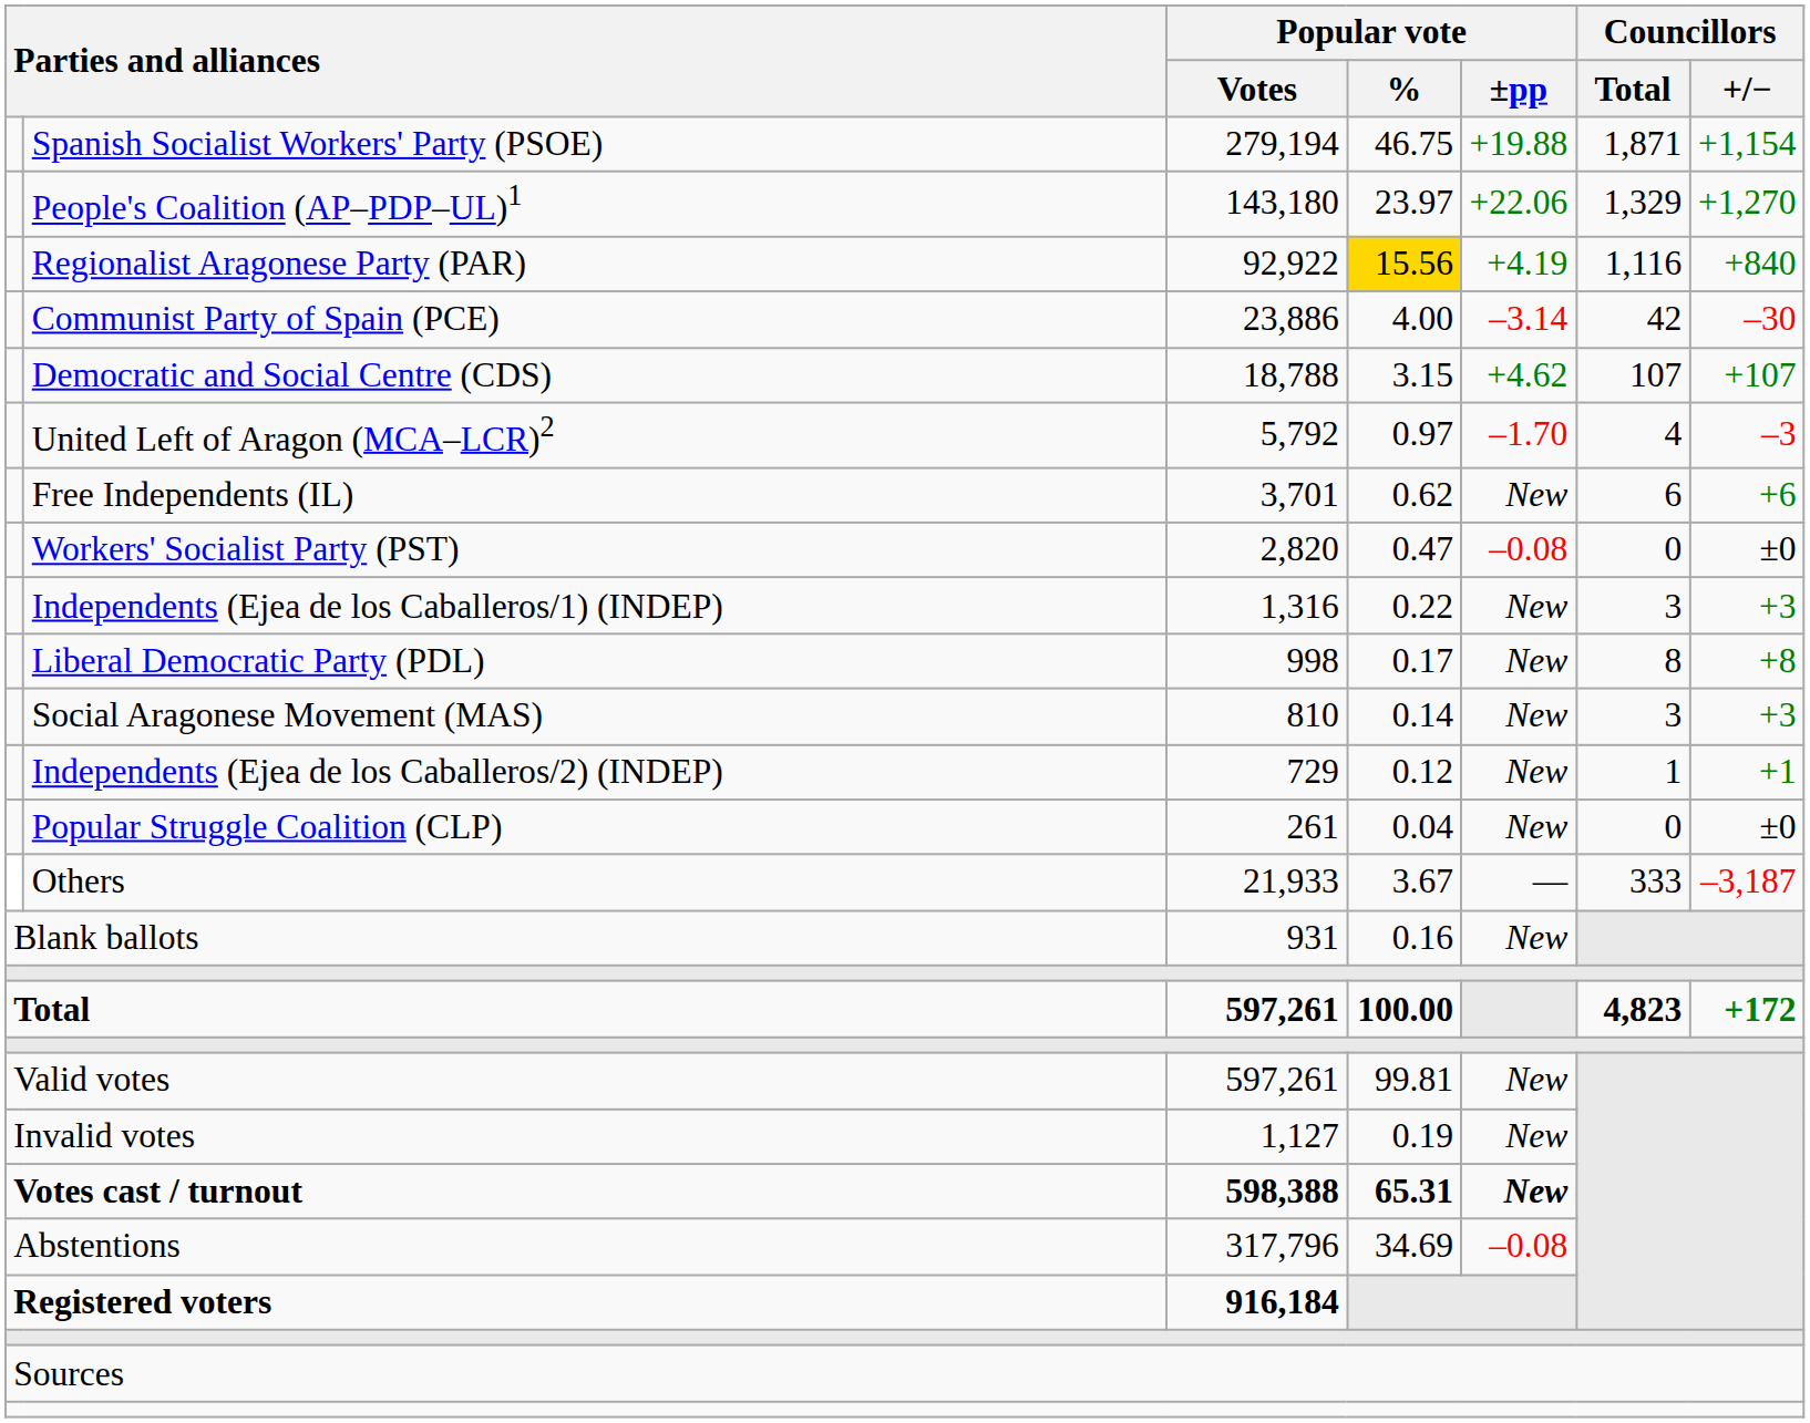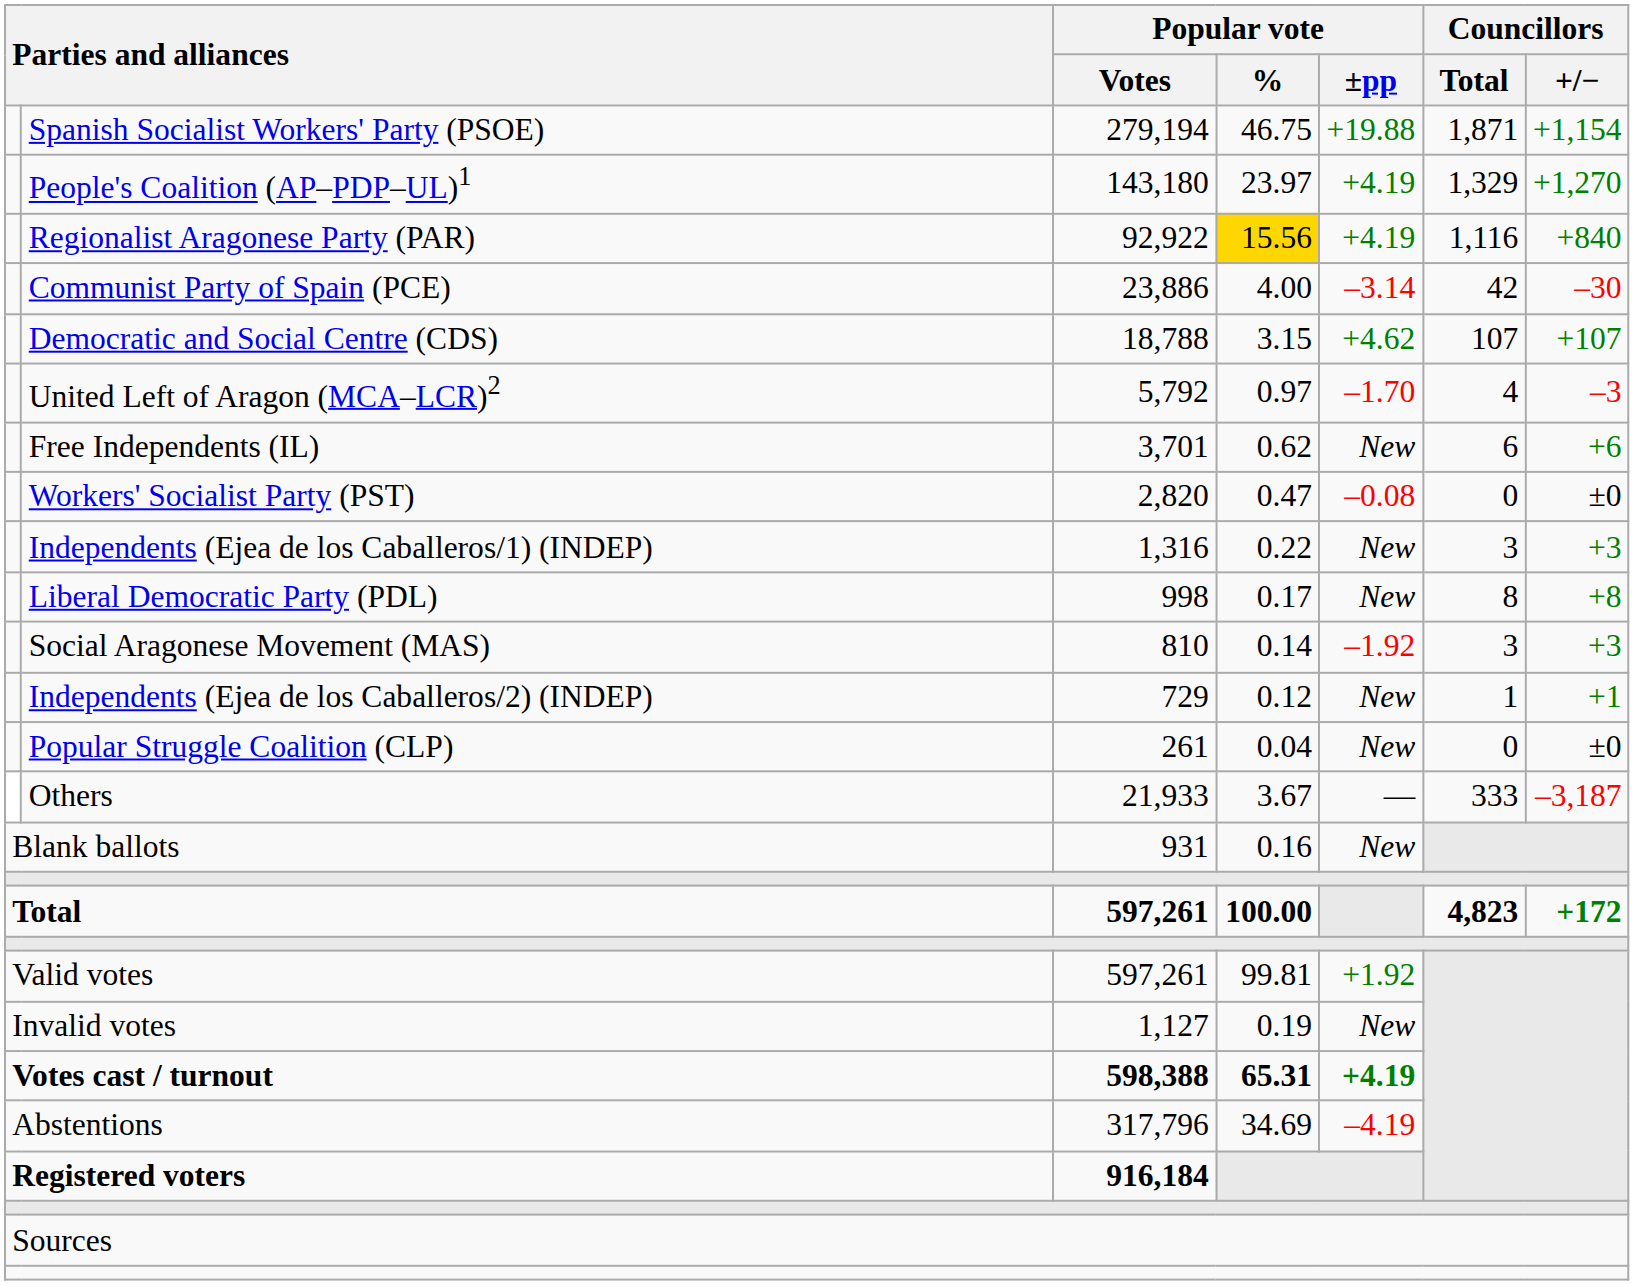 <table class="wikitable" style="text-align:right;">
 <tr>
 <th style="text-align:left;" rowspan="2" colspan="2" width="525">Parties and alliances</th>
 <th colspan="3">Popular vote</th>
 <th colspan="2">Councillors</th>
 </tr>
 <tr>
 <th width="75">Votes</th>
 <th width="45">%</th>
 <th width="45">±<a href='#'>pp</a></th>
 <th width="45">Total</th>
 <th width="45">+/−</th>
 </tr>
 <tr>
 <td width="1" style="color:inherit;background:"></td>
 <td align="left"><a href='#'>Spanish Socialist Workers' Party</a> (PSOE)</td>
 <td>279,194</td>
 <td>46.75</td>
 <td style="color:green;">+19.88</td>
 <td>1,871</td>
 <td style="color:green;">+1,154</td>
 </tr>
 <tr>
 <td style="color:inherit;background:"></td>
 <td align="left"><a href='#'>People's Coalition</a> (<a href='#'>AP</a>–<a href='#'>PDP</a>–<a href='#'>UL</a>)<sup>1</sup></td>
 <td>143,180</td>
 <td>23.97</td>
-<td style="color:green;">+22.06</td>
+<td style="color:green;">+4.19</td>
 <td>1,329</td>
 <td style="color:green;">+1,270</td>
 </tr>
 <tr>
 <td style="color:inherit;background:"></td>
 <td align="left"><a href='#'>Regionalist Aragonese Party</a> (PAR)</td>
 <td>92,922</td>
 <td style="background: gold;">15.56</td>
 <td style="color:green;">+4.19</td>
 <td>1,116</td>
 <td style="color:green;">+840</td>
 </tr>
 <tr>
 <td style="color:inherit;background:"></td>
 <td align="left"><a href='#'>Communist Party of Spain</a> (PCE)</td>
 <td>23,886</td>
 <td>4.00</td>
 <td style="color:red;">–3.14</td>
 <td>42</td>
 <td style="color:red;">–30</td>
 </tr>
 <tr>
 <td style="color:inherit;background:"></td>
 <td align="left"><a href='#'>Democratic and Social Centre</a> (CDS)</td>
 <td>18,788</td>
 <td>3.15</td>
 <td style="color:green;">+4.62</td>
 <td>107</td>
 <td style="color:green;">+107</td>
 </tr>
 <tr>
 <td style="color:inherit;background:"></td>
 <td align="left">United Left of Aragon (<a href='#'>MCA</a>–<a href='#'>LCR</a>)<sup>2</sup></td>
 <td>5,792</td>
 <td>0.97</td>
 <td style="color:red;">–1.70</td>
 <td>4</td>
 <td style="color:red;">–3</td>
 </tr>
 <tr>
 <td style="color:inherit;background:"></td>
 <td align="left">Free Independents (IL)</td>
 <td>3,701</td>
 <td>0.62</td>
 <td><em>New</em></td>
 <td>6</td>
 <td style="color:green;">+6</td>
 </tr>
 <tr>
 <td style="color:inherit;background:"></td>
 <td align="left"><a href='#'>Workers' Socialist Party</a> (PST)</td>
 <td>2,820</td>
 <td>0.47</td>
 <td style="color:red;">–0.08</td>
 <td>0</td>
 <td>±0</td>
 </tr>
 <tr>
 <td style="color:inherit;background:"></td>
 <td align="left"><a href='#'>Independents</a> (Ejea de los Caballeros/1) (INDEP)</td>
 <td>1,316</td>
 <td>0.22</td>
 <td><em>New</em></td>
 <td>3</td>
 <td style="color:green;">+3</td>
 </tr>
 <tr>
 <td style="color:inherit;background:"></td>
 <td align="left"><a href='#'>Liberal Democratic Party</a> (PDL)</td>
 <td>998</td>
 <td>0.17</td>
 <td><em>New</em></td>
 <td>8</td>
 <td style="color:green;">+8</td>
 </tr>
 <tr>
 <td style="color:inherit;background:"></td>
 <td align="left">Social Aragonese Movement (MAS)</td>
 <td>810</td>
 <td>0.14</td>
-<td><em>New</em></td>
+<td style="color:red;">–1.92</td>
 <td>3</td>
 <td style="color:green;">+3</td>
 </tr>
 <tr>
 <td style="color:inherit;background:"></td>
 <td align="left"><a href='#'>Independents</a> (Ejea de los Caballeros/2) (INDEP)</td>
 <td>729</td>
 <td>0.12</td>
 <td><em>New</em></td>
 <td>1</td>
 <td style="color:green;">+1</td>
 </tr>
 <tr>
 <td style="color:inherit;background:"></td>
 <td align="left"><a href='#'>Popular Struggle Coalition</a> (CLP)</td>
 <td>261</td>
 <td>0.04</td>
 <td><em>New</em></td>
 <td>0</td>
 <td>±0</td>
 </tr>
 <tr>
 <td bgcolor="white"></td>
 <td align="left">Others</td>
 <td>21,933</td>
 <td>3.67</td>
 <td>—</td>
 <td>333</td>
 <td style="color:red;">–3,187</td>
 </tr>
 <tr>
 <td align="left" colspan="2">Blank ballots</td>
 <td>931</td>
 <td>0.16</td>
 <td><em>New</em></td>
 <td bgcolor="#E9E9E9" colspan="2"></td>
 </tr>
 <tr>
 <td colspan="7" bgcolor="#E9E9E9"></td>
 </tr>
 <tr style="font-weight:bold;">
 <td align="left" colspan="2">Total</td>
 <td>597,261</td>
 <td>100.00</td>
 <td bgcolor="#E9E9E9"></td>
 <td>4,823</td>
 <td style="color:green;">+172</td>
 </tr>
 <tr>
 <td colspan="7" bgcolor="#E9E9E9"></td>
 </tr>
 <tr>
 <td align="left" colspan="2">Valid votes</td>
 <td>597,261</td>
 <td>99.81</td>
-<td><em>New</em></td>
+<td style="color:green;">+1.92</td>
 <td bgcolor="#E9E9E9" colspan="2" rowspan="5"></td>
 </tr>
 <tr>
 <td align="left" colspan="2">Invalid votes</td>
 <td>1,127</td>
 <td>0.19</td>
 <td><em>New</em></td>
 </tr>
 <tr style="font-weight:bold;">
 <td align="left" colspan="2">Votes cast / turnout</td>
 <td>598,388</td>
 <td>65.31</td>
-<td><em>New</em></td>
+<td style="color:green;">+4.19</td>
 </tr>
 <tr>
 <td align="left" colspan="2">Abstentions</td>
 <td>317,796</td>
 <td>34.69</td>
-<td style="color:red;">–0.08</td>
+<td style="color:red;">–4.19</td>
 </tr>
 <tr style="font-weight:bold;">
 <td align="left" colspan="2">Registered voters</td>
 <td>916,184</td>
 <td bgcolor="#E9E9E9" colspan="2"></td>
 </tr>
 <tr>
 <td colspan="7" bgcolor="#E9E9E9"></td>
 </tr>
 <tr>
 <td align="left" colspan="7">Sources</td>
 </tr>
 <tr>
 <td colspan="7" style="text-align:left; max-width:790px;"></td>
 </tr>
 </table>
